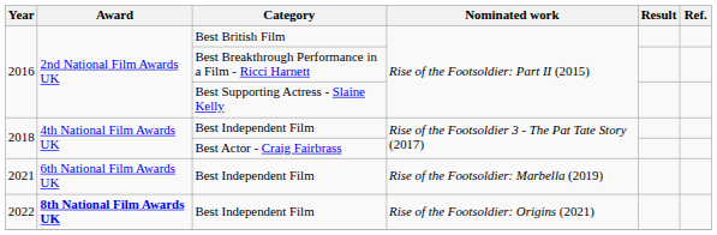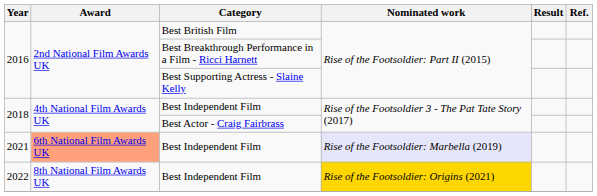 <table width="98%" class="wikitable">
 <tr>
 <th width="10">Year</th>
 <th width="260">Award</th>
 <th width="320">Category</th>
 <th width="440">Nominated work</th>
 <th width="30">Result</th>
 <th width="35">Ref.</th>
 </tr>
 <tr>
 <td rowspan="3">2016</td>
 <td rowspan="3"><a href='#'>2nd National Film Awards UK</a></td>
 <td>Best British Film</td>
 <td rowspan="3"><em>Rise of the Footsoldier: Part II</em> (2015)</td>
 <td></td>
 <td style="text-align:center;"></td>
 </tr>
 <tr>
 <td>Best Breakthrough Performance in a Film - <a href='#'>Ricci Harnett</a></td>
 <td></td>
 <td style="text-align:center;"></td>
 </tr>
 <tr>
 <td>Best Supporting Actress - <a href='#'>Slaine Kelly</a></td>
 <td></td>
 <td style="text-align:center;"></td>
 </tr>
 <tr>
 <td rowspan="2">2018</td>
 <td rowspan="2"><a href='#'>4th National Film Awards UK</a></td>
 <td>Best Independent Film</td>
 <td rowspan="2"><em>Rise of the Footsoldier 3 - The Pat Tate Story</em> (2017)</td>
 <td></td>
 <td style="text-align:center;"></td>
 </tr>
 <tr>
 <td>Best Actor - <a href='#'>Craig Fairbrass</a></td>
 <td></td>
 <td style="text-align:center;"></td>
 </tr>
 <tr>
 <td>2021</td>
-<td><a href='#'>6th National Film Awards UK</a></td>
+<td style="background: lightsalmon;"><a href='#'>6th National Film Awards UK</a></td>
 <td>Best Independent Film</td>
-<td><em>Rise of the Footsoldier: Marbella</em> (2019)</td>
+<td style="background: lavender;"><em>Rise of the Footsoldier: Marbella</em> (2019)</td>
 <td></td>
 <td style="text-align:center;"></td>
 </tr>
 <tr>
 <td>2022</td>
-<td><strong><a href='#'>8th National Film Awards UK</a></strong></td>
+<td><a href='#'>8th National Film Awards UK</a></td>
 <td>Best Independent Film</td>
-<td><em>Rise of the Footsoldier: Origins</em> (2021)</td>
+<td style="background: gold;"><em>Rise of the Footsoldier: Origins</em> (2021)</td>
 <td></td>
 <td style="text-align:center;"></td>
 </tr>
 <tr>
 </tr>
 </table>
